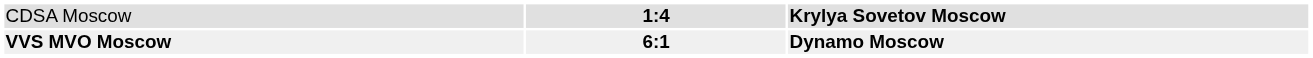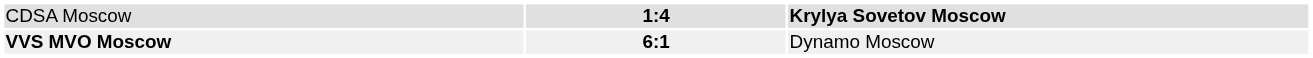 <table width="70%">
 <tr bgcolor="#e0e0e0">
 <td style="width:40%;">CDSA Moscow</td>
 <th style="width:20%;"><strong>1:4</strong></th>
 <td style="width:40%;"><strong>Krylya Sovetov Moscow</strong></td>
 </tr>
 <tr bgcolor="#f0f0f0">
 <td><strong>VVS MVO Moscow</strong></td>
 <td align="center"><strong>6:1</strong></td>
-<td><strong>Dynamo Moscow</strong></td>
+<td>Dynamo Moscow</td>
 </tr>
 </table>
